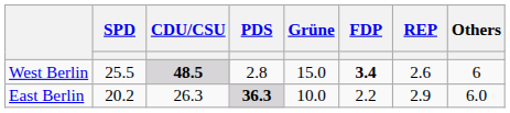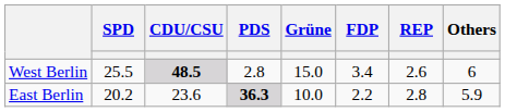 <table class="wikitable sortable" style="text-align: center; font-size: 90%; line-height: 14px;">
 <tr style="height: 40px;">
 <th rowspan="2"></th>
 <th style="width: 40px;"><a href='#'>SPD</a></th>
 <th style="width: 40px;"><a href='#'>CDU/CSU</a></th>
 <th style="width: 40px;"><a href='#'>PDS</a></th>
 <th style="width: 40px;"><a href='#'>Grüne</a></th>
 <th style="width: 40px;"><a href='#'>FDP</a></th>
 <th style="width: 40px;"><a href='#'>REP</a></th>
 <th style="width: 40px;">Others</th>
 </tr>
 <tr>
 <th style="background:"></th>
 <th style="background:"></th>
 <th style="background:"></th>
 <th style="background:"></th>
 <th style="background:"></th>
 <th style="background:"></th>
 <th style="background:"></th>
 </tr>
 <tr>
 <td style="text-align: left;"><a href='#'>West Berlin</a></td>
 <td>25.5</td>
 <td style="background: #D7D5D7;"><strong>48.5</strong></td>
 <td>2.8</td>
 <td>15.0</td>
-<td><strong>3.4</strong></td>
+<td>3.4</td>
 <td>2.6</td>
 <td>6</td>
 </tr>
 <tr>
 <td style="text-align: left;"><a href='#'>East Berlin</a></td>
 <td>20.2</td>
-<td>26.3</td>
+<td>23.6</td>
 <td style="background: #D7D5D7;"><strong>36.3</strong></td>
 <td>10.0</td>
 <td>2.2</td>
-<td>2.9</td>
-<td>6.0</td>
+<td>2.8</td>
+<td>5.9</td>
 </tr>
 </table>
